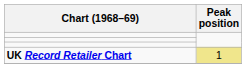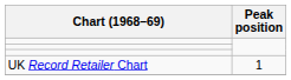 <table class="wikitable">
 <tr>
 <th style="width:18em">Chart (1968–69)</th>
 <th>Peak<br>position</th>
 </tr>
 <tr>
 <td></td>
 </tr>
 <tr>
 <td></td>
 </tr>
 <tr>
 <td></td>
 </tr>
 <tr>
-<td><strong>UK <a href='#'><em>Record Retailer</em> Chart</a></strong></td>
-<td align=center style="background: khaki;">1</td>
+<td>UK <a href='#'><em>Record Retailer</em> Chart</a></td>
+<td align=center>1</td>
 </tr>
 <tr>
 </tr>
 </table>
